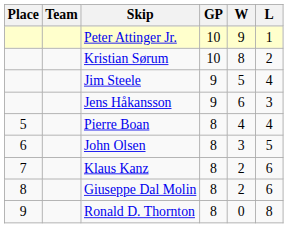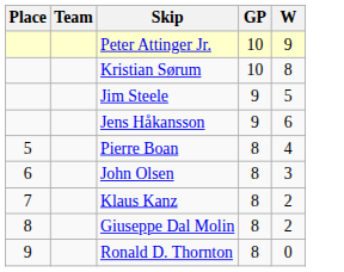 <table class="wikitable" style="text-align:center;">
 <tr>
 <th>Place</th>
 <th>Team</th>
 <th>Skip</th>
 <th width="25">GP</th>
 <th width="25">W</th>
-<th width="25">L</th>
 </tr>
 <tr bgcolor="#ffffcc">
 <td></td>
 <td align=left></td>
 <td align=left><a href='#'>Peter Attinger Jr.</a></td>
 <td>10</td>
 <td>9</td>
-<td>1</td>
 </tr>
 <tr>
 <td></td>
 <td align=left></td>
 <td align=left><a href='#'>Kristian Sørum</a></td>
 <td>10</td>
 <td>8</td>
-<td>2</td>
 </tr>
 <tr>
 <td></td>
 <td align=left></td>
 <td align=left><a href='#'>Jim Steele</a></td>
 <td>9</td>
 <td>5</td>
-<td>4</td>
 </tr>
 <tr>
 <td></td>
 <td align=left></td>
 <td align=left><a href='#'>Jens Håkansson</a></td>
 <td>9</td>
 <td>6</td>
-<td>3</td>
 </tr>
 <tr>
 <td>5</td>
 <td align=left></td>
 <td align=left><a href='#'>Pierre Boan</a></td>
 <td>8</td>
-<td>4</td>
 <td>4</td>
 </tr>
 <tr>
 <td>6</td>
 <td align=left></td>
 <td align=left><a href='#'>John Olsen</a></td>
 <td>8</td>
 <td>3</td>
-<td>5</td>
 </tr>
 <tr>
 <td>7</td>
 <td align=left></td>
 <td align=left><a href='#'>Klaus Kanz</a></td>
 <td>8</td>
 <td>2</td>
-<td>6</td>
 </tr>
 <tr>
 <td>8</td>
 <td align=left></td>
 <td align=left><a href='#'>Giuseppe Dal Molin</a></td>
 <td>8</td>
 <td>2</td>
-<td>6</td>
 </tr>
 <tr>
 <td>9</td>
 <td align=left></td>
 <td align=left><a href='#'>Ronald D. Thornton</a></td>
 <td>8</td>
 <td>0</td>
-<td>8</td>
 </tr>
 </table>
